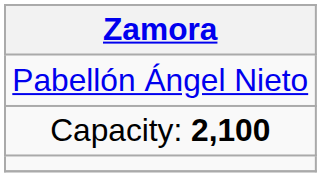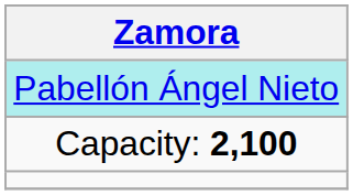 <table class="wikitable" style="text-align:center">
 <tr>
 <th><a href='#'>Zamora</a></th>
 </tr>
 <tr>
-<td><a href='#'>Pabellón Ángel Nieto</a></td>
+<td style="background: paleturquoise;"><a href='#'>Pabellón Ángel Nieto</a></td>
 </tr>
 <tr>
 <td>Capacity: <strong>2,100</strong></td>
 </tr>
 <tr>
 <td></td>
 </tr>
 <tr>
 </tr>
 </table>
